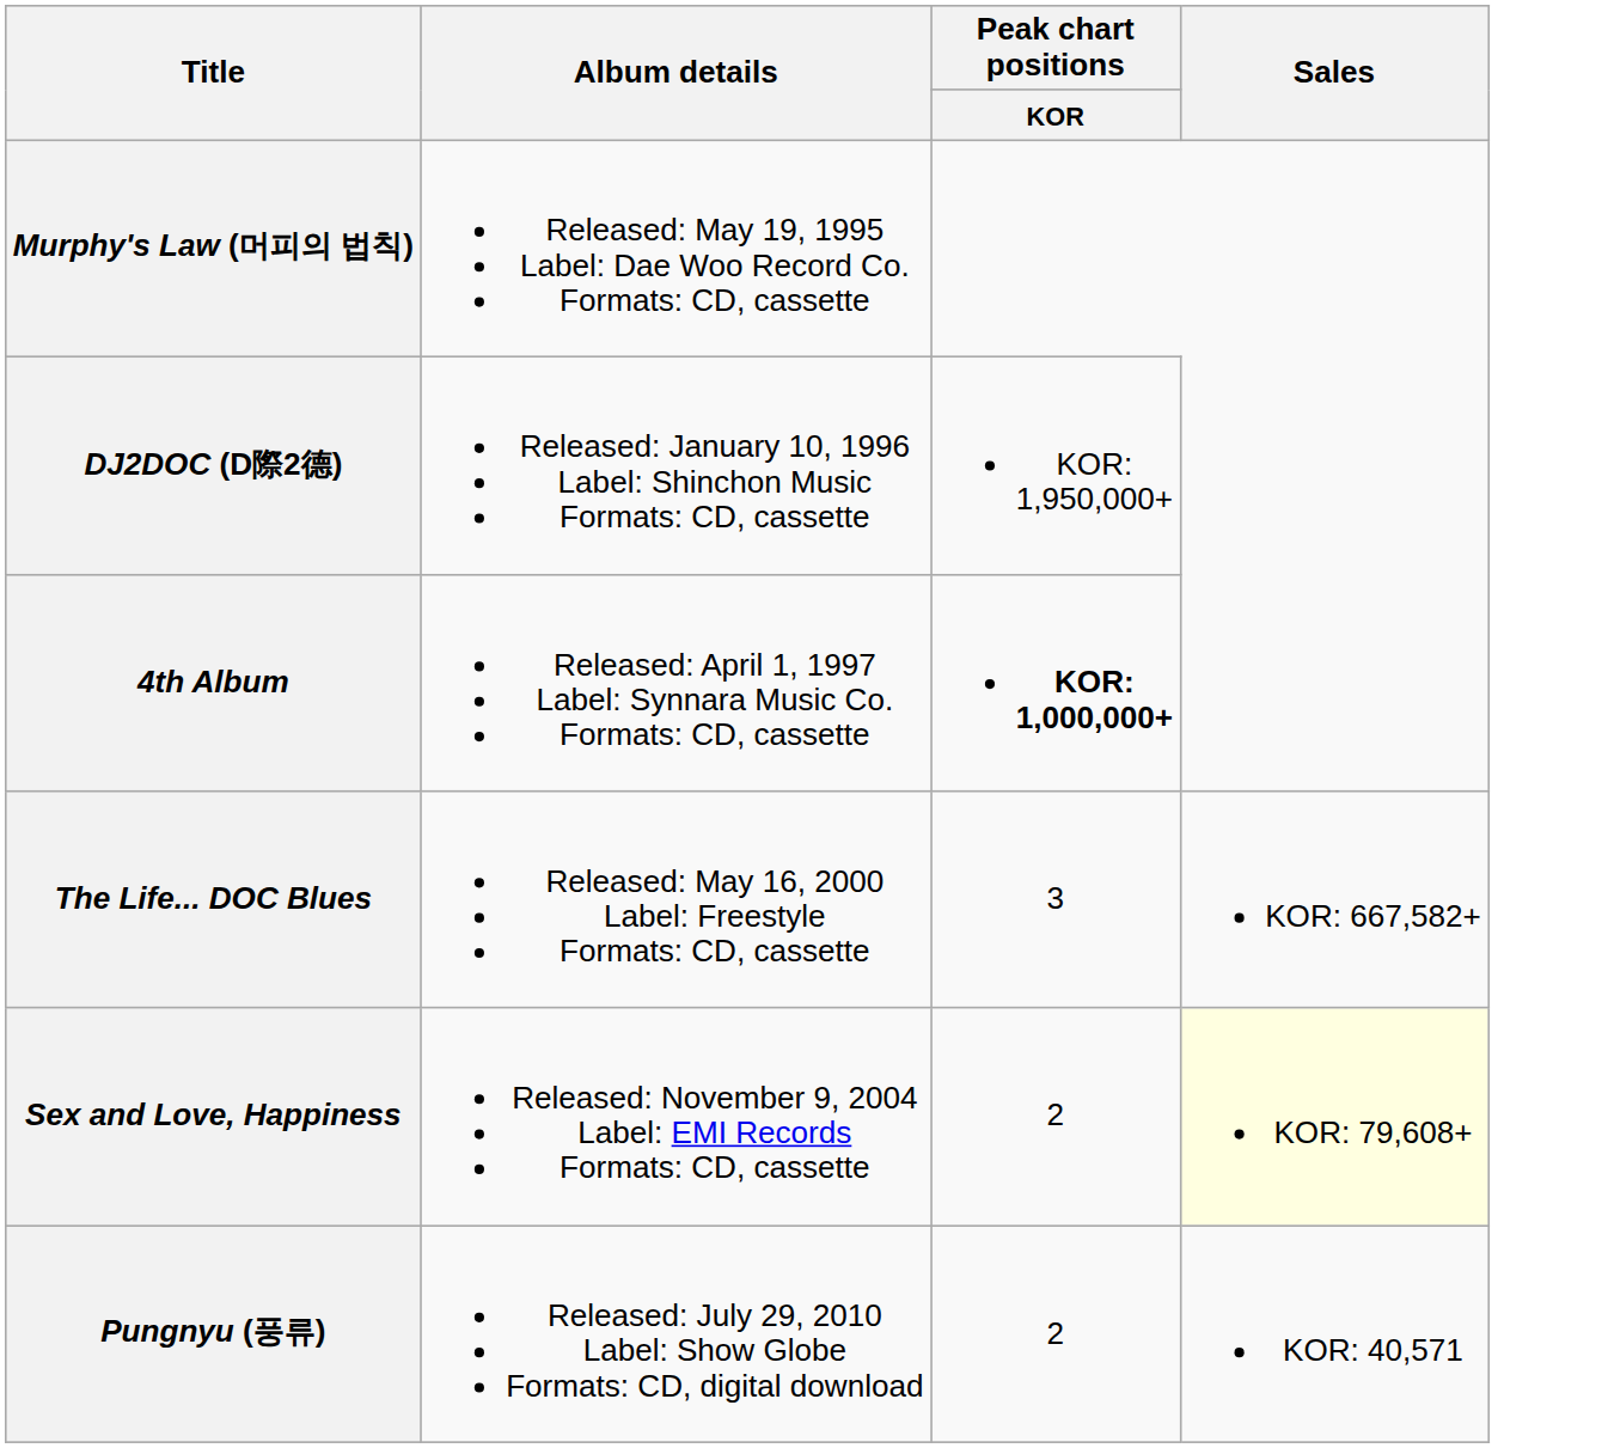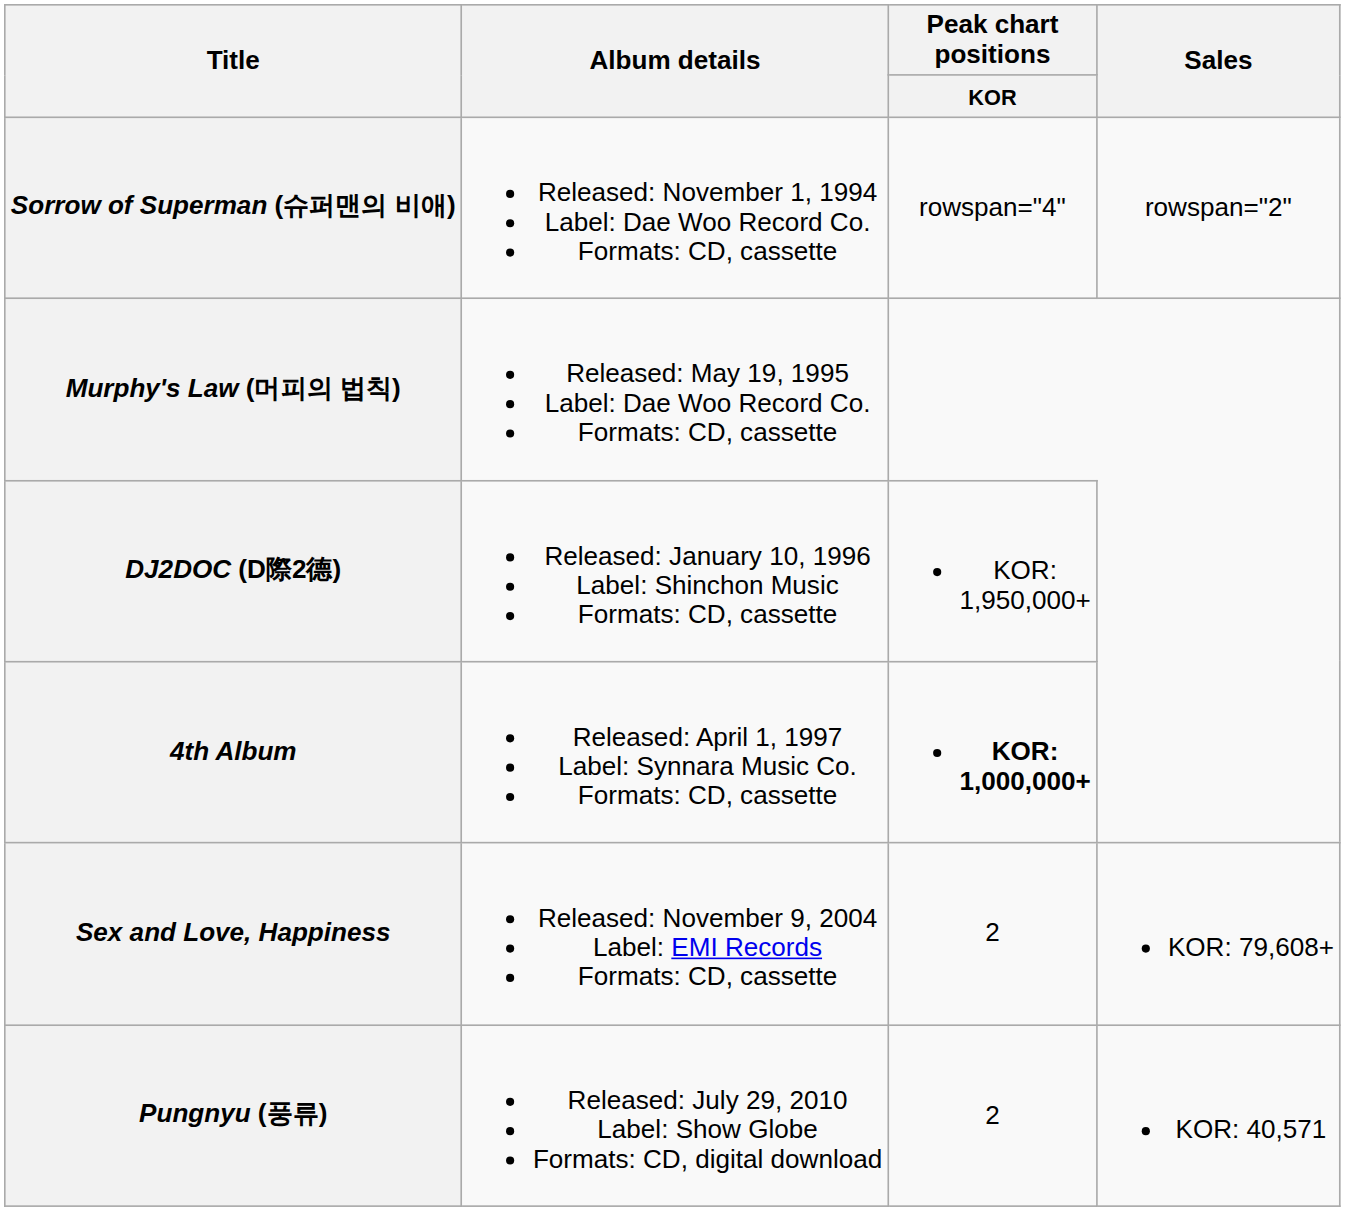 <table class="wikitable plainrowheaders" style="text-align:center;">
 <tr>
 <th scope="col" rowspan="2">Title</th>
 <th scope="col" rowspan="2">Album details</th>
 <th scope="col" colspan="1" style="width:5em;">Peak chart positions</th>
 <th scope="col" rowspan="2">Sales</th>
 </tr>
 <tr>
 <th><small>KOR</small><br></th>
+</tr>
+<tr>
+<th scope="row"><em>Sorrow of Superman</em> (슈퍼맨의 비애)</th>
+<td><br><ul><li>Released: November 1, 1994</li><li>Label: Dae Woo Record Co.</li><li>Formats: CD, cassette</li></ul></td>
+<td>rowspan="4" </td>
+<td>rowspan="2" </td>
 </tr>
 <tr>
 <th scope="row"><em>Murphy's Law</em> (머피의 법칙)</th>
 <td><br><ul><li>Released: May 19, 1995</li><li>Label: Dae Woo Record Co.</li><li>Formats: CD, cassette</li></ul></td>
 </tr>
 <tr>
 <th scope="row"><em>DJ2DOC</em> (D際2德)</th>
 <td><br><ul><li>Released: January 10, 1996</li><li>Label: Shinchon Music</li><li>Formats: CD, cassette</li></ul></td>
 <td><br><ul><li>KOR: 1,950,000+</li></ul></td>
 </tr>
 <tr>
 <th scope="row"><em>4th Album</em></th>
 <td><br><ul><li>Released: April 1, 1997</li><li>Label: Synnara Music Co.</li><li>Formats: CD, cassette</li></ul></td>
 <td><strong><br><ul><li>KOR: 1,000,000+</li></ul></strong></td>
 </tr>
 <tr>
-<th scope="row"><em>The Life... DOC Blues</em></th>
-<td><br><ul><li>Released: May 16, 2000</li><li>Label: Freestyle</li><li>Formats: CD, cassette</li></ul></td>
-<td>3</td>
-<td><br><ul><li>KOR: 667,582+</li></ul></td>
-</tr>
-<tr>
 <th scope="row"><em>Sex and Love, Happiness</em></th>
 <td><br><ul><li>Released: November 9, 2004</li><li>Label: <a href='#'>EMI Records</a></li><li>Formats: CD, cassette</li></ul></td>
 <td>2</td>
-<td style="background: lightyellow;"><br><ul><li>KOR: 79,608+</li></ul></td>
+<td><br><ul><li>KOR: 79,608+</li></ul></td>
 </tr>
 <tr>
 <th scope="row"><em>Pungnyu</em> (풍류)</th>
 <td><br><ul><li>Released: July 29, 2010</li><li>Label: Show Globe</li><li>Formats: CD, digital download</li></ul></td>
 <td>2</td>
 <td><br><ul><li>KOR: 40,571</li></ul></td>
 </tr>
 </table>
